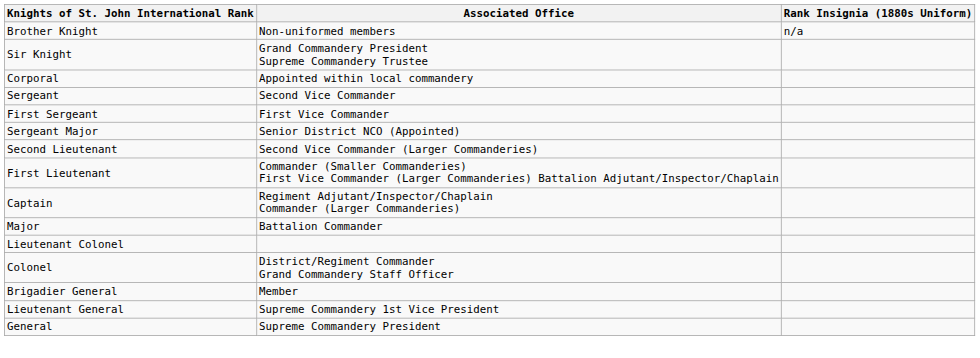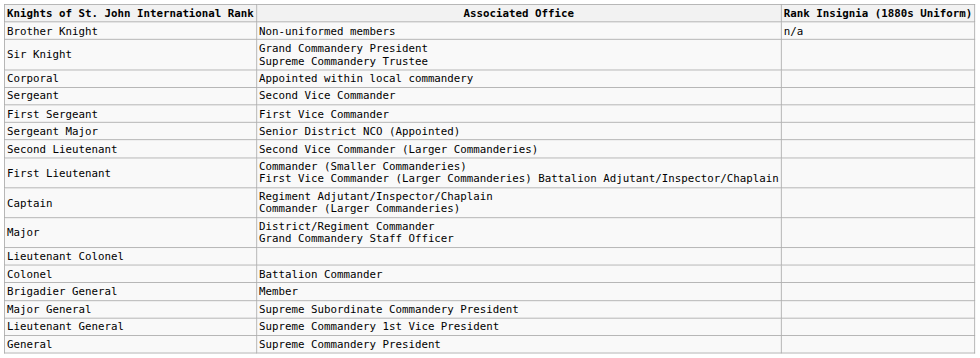 <table class="wikitable">
 <tr>
 <th>Knights of St. John International Rank</th>
 <th>Associated Office</th>
 <th>Rank Insignia (1880s Uniform)</th>
 </tr>
 <tr>
 <td>Brother Knight</td>
 <td>Non-uniformed members</td>
 <td>n/a</td>
 </tr>
 <tr>
 <td>Sir Knight</td>
 <td>Grand Commandery President<br>Supreme Commandery Trustee</td>
 <td></td>
 </tr>
 <tr>
 <td>Corporal</td>
 <td>Appointed within local commandery</td>
 <td></td>
 </tr>
 <tr>
 <td>Sergeant</td>
 <td>Second Vice Commander</td>
 <td></td>
 </tr>
 <tr>
 <td>First Sergeant</td>
 <td>First Vice Commander</td>
 <td></td>
 </tr>
 <tr>
 <td>Sergeant Major</td>
 <td>Senior District NCO (Appointed)</td>
 <td></td>
 </tr>
 <tr>
 <td>Second Lieutenant</td>
 <td>Second Vice Commander (Larger Commanderies)</td>
 <td></td>
 </tr>
 <tr>
 <td>First Lieutenant</td>
 <td>Commander (Smaller Commanderies)<br>First Vice Commander (Larger Commanderies) Battalion Adjutant/Inspector/Chaplain</td>
 <td></td>
 </tr>
 <tr>
 <td>Captain</td>
 <td>Regiment Adjutant/Inspector/Chaplain<br>Commander (Larger Commanderies)</td>
 <td></td>
 </tr>
 <tr>
 <td>Major</td>
-<td>Battalion Commander</td>
+<td>District/Regiment Commander<br>Grand Commandery Staff Officer</td>
 <td></td>
 </tr>
 <tr>
 <td>Lieutenant Colonel</td>
 <td></td>
 <td></td>
 </tr>
 <tr>
 <td>Colonel</td>
-<td>District/Regiment Commander<br>Grand Commandery Staff Officer</td>
+<td>Battalion Commander</td>
 <td></td>
 </tr>
 <tr>
 <td>Brigadier General</td>
 <td>Member</td>
+<td></td>
+</tr>
+<tr>
+<td>Major General</td>
+<td>Supreme Subordinate Commandery President</td>
 <td></td>
 </tr>
 <tr>
 <td>Lieutenant General</td>
 <td>Supreme Commandery 1st Vice President</td>
 <td></td>
 </tr>
 <tr>
 <td>General</td>
 <td>Supreme Commandery President</td>
 <td></td>
 </tr>
 </table>
